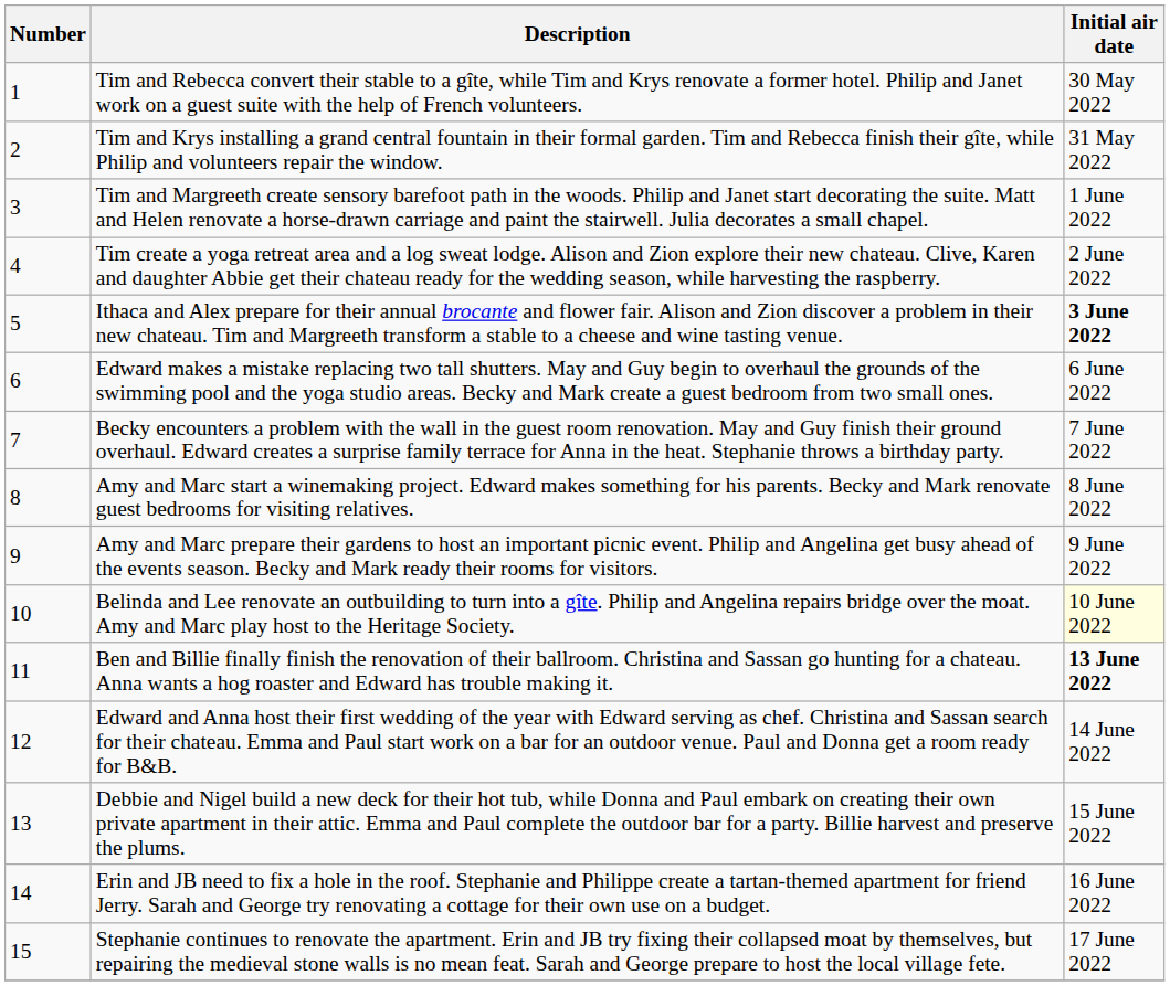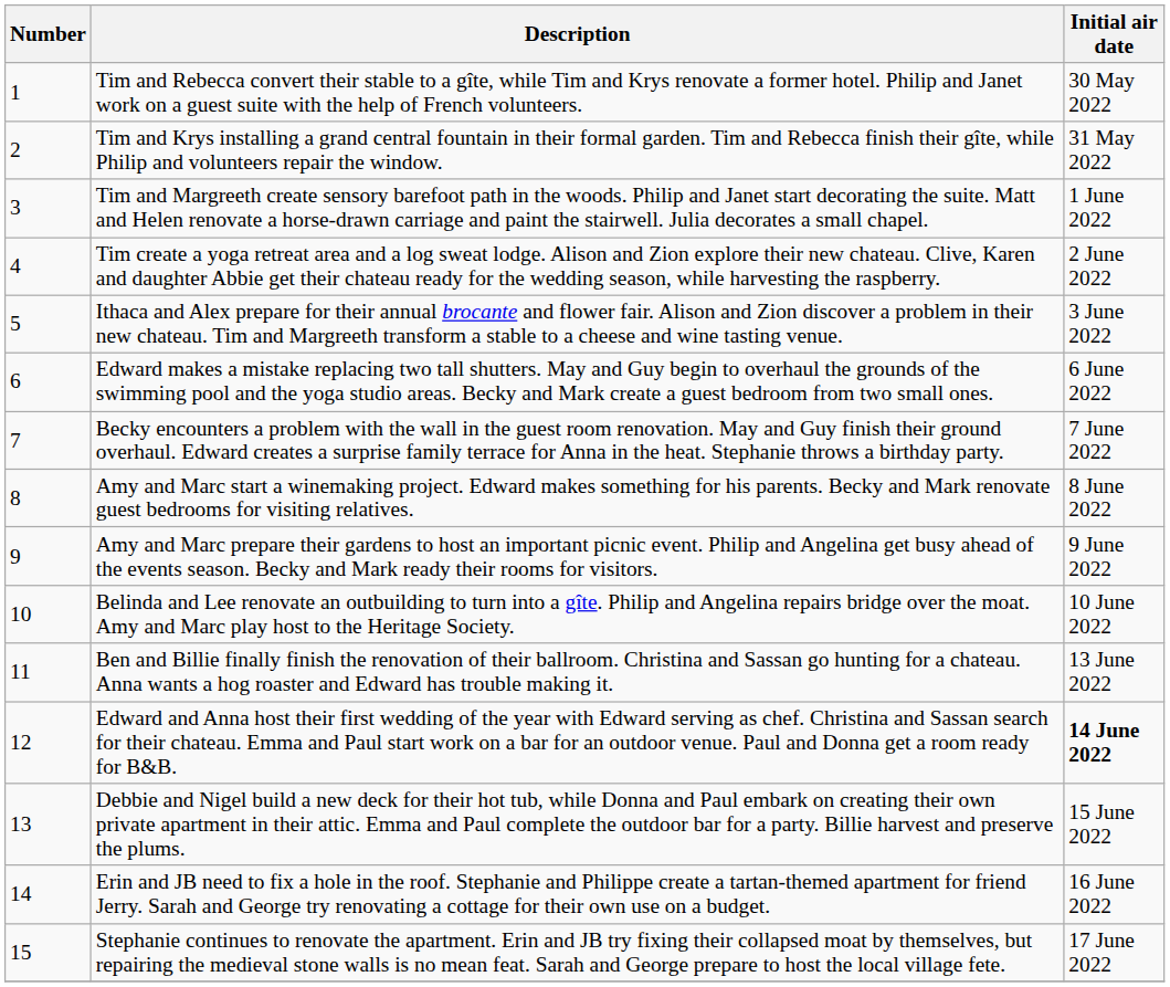 <table class="wikitable">
 <tr>
 <th>Number</th>
 <th>Description</th>
 <th>Initial air date</th>
 </tr>
 <tr>
 <td>1</td>
 <td>Tim and Rebecca convert their stable to a gîte, while Tim and Krys renovate a former hotel. Philip and Janet work on a guest suite with the help of French volunteers.</td>
 <td>30 May 2022</td>
 </tr>
 <tr>
 <td>2</td>
 <td>Tim and Krys installing a grand central fountain in their formal garden. Tim and Rebecca finish their gîte, while Philip and volunteers repair the window.</td>
 <td>31 May 2022</td>
 </tr>
 <tr>
 <td>3</td>
 <td>Tim and Margreeth create sensory barefoot path in the woods. Philip and Janet start decorating the suite. Matt and Helen renovate a horse-drawn carriage and paint the stairwell. Julia decorates a small chapel.</td>
 <td>1 June 2022</td>
 </tr>
 <tr>
 <td>4</td>
 <td>Tim create a yoga retreat area and a log sweat lodge.  Alison and Zion explore their new chateau. Clive, Karen and daughter Abbie get their chateau ready for the wedding season, while harvesting the raspberry.</td>
 <td>2 June 2022</td>
 </tr>
 <tr>
 <td>5</td>
 <td>Ithaca and Alex prepare for their annual <em><a href='#'>brocante</a></em> and flower fair. Alison and Zion discover a problem in their new chateau. Tim and Margreeth transform a stable to a cheese and wine tasting venue.</td>
-<td><strong>3 June 2022</strong></td>
+<td>3 June 2022</td>
 </tr>
 <tr>
 <td>6</td>
 <td>Edward makes a mistake replacing two tall shutters. May and Guy begin to overhaul the grounds of the swimming pool and the yoga studio areas. Becky and Mark create a guest bedroom from two small ones.</td>
 <td>6 June 2022</td>
 </tr>
 <tr>
 <td>7</td>
 <td>Becky encounters a problem with the wall in the guest room renovation. May and Guy finish their ground overhaul. Edward creates a surprise family terrace for Anna in the heat. Stephanie throws a birthday party.</td>
 <td>7 June 2022</td>
 </tr>
 <tr>
 <td>8</td>
 <td>Amy and Marc start a winemaking project. Edward makes something for his parents. Becky and Mark renovate guest bedrooms for visiting relatives.</td>
 <td>8 June 2022</td>
 </tr>
 <tr>
 <td>9</td>
 <td>Amy and Marc prepare their gardens to host an important picnic event. Philip and Angelina get busy ahead of the events season. Becky and Mark ready their rooms for visitors.</td>
 <td>9 June 2022</td>
 </tr>
 <tr>
 <td>10</td>
 <td>Belinda and Lee renovate an outbuilding to turn into a <a href='#'>gîte</a>. Philip and Angelina repairs bridge over the moat. Amy and Marc play host to the Heritage Society.</td>
-<td style="background: lightyellow;">10 June 2022</td>
+<td>10 June 2022</td>
 </tr>
 <tr>
 <td>11</td>
 <td>Ben and Billie finally finish the renovation of their ballroom. Christina and Sassan go hunting for a chateau. Anna wants a hog roaster and Edward has trouble making it.</td>
-<td><strong>13 June 2022</strong></td>
+<td>13 June 2022</td>
 </tr>
 <tr>
 <td>12</td>
 <td>Edward and Anna host their first wedding of the year with Edward serving as chef. Christina and Sassan search for their chateau. Emma and Paul start work on a bar for an outdoor venue.  Paul and Donna get a room ready for B&B.</td>
-<td>14 June 2022</td>
+<td><strong>14 June 2022</strong></td>
 </tr>
 <tr>
 <td>13</td>
 <td>Debbie and Nigel build a new deck for their hot tub, while Donna and Paul embark on creating their own private apartment in their attic. Emma and Paul complete the outdoor bar for a party. Billie harvest and preserve the plums.</td>
 <td>15 June 2022</td>
 </tr>
 <tr>
 <td>14</td>
 <td>Erin and JB need to fix a hole in the roof. Stephanie and Philippe create a tartan-themed apartment for friend Jerry. Sarah and George try renovating a cottage for their own use on a budget.</td>
 <td>16 June 2022</td>
 </tr>
 <tr>
 <td>15</td>
 <td>Stephanie continues to renovate the apartment. Erin and JB try fixing their collapsed moat by themselves, but repairing the medieval stone walls is no mean feat. Sarah and George prepare to host the local village fete.</td>
 <td>17 June 2022</td>
 </tr>
 <tr>
 </tr>
 </table>
